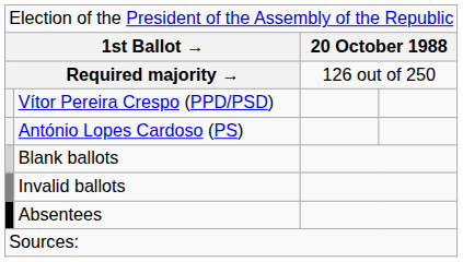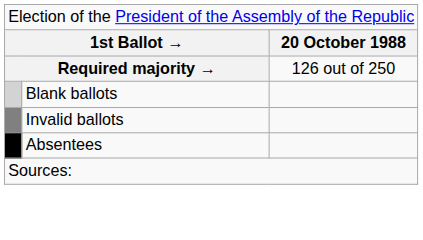 <table class="wikitable" style="text-align:center;">
 <tr>
 <td colspan="4" align="center">Election of the <a href='#'>President of the Assembly of the Republic</a></td>
 </tr>
 <tr>
 <th colspan="2" width="225px">1st Ballot →</th>
 <th colspan="2">20 October 1988</th>
 </tr>
 <tr>
 <th colspan="2">Required majority →</th>
 <td colspan="2">126 out of 250</td>
-</tr>
-<tr>
-<th width="1px" style="background:"></th>
-<td align="left"><a href='#'>Vítor Pereira Crespo</a> (<a href='#'>PPD/PSD</a>)</td>
-<td></td>
-<td></td>
-</tr>
-<tr>
-<th width="1px" style="background:"></th>
-<td align="left"><a href='#'>António Lopes Cardoso</a> (<a href='#'>PS</a>)</td>
-<td></td>
-<td></td>
 </tr>
 <tr>
 <th style="background:lightgray;"></th>
 <td align="left">Blank ballots</td>
 <td colspan="2"></td>
 </tr>
 <tr>
 <th style="background:gray;"></th>
 <td align="left">Invalid ballots</td>
 <td colspan="2"></td>
 </tr>
 <tr>
 <th style="background:black;"></th>
 <td align="left">Absentees</td>
 <td colspan="2"></td>
 </tr>
 <tr>
 <td align="left" colspan="4">Sources:</td>
 </tr>
 </table>
